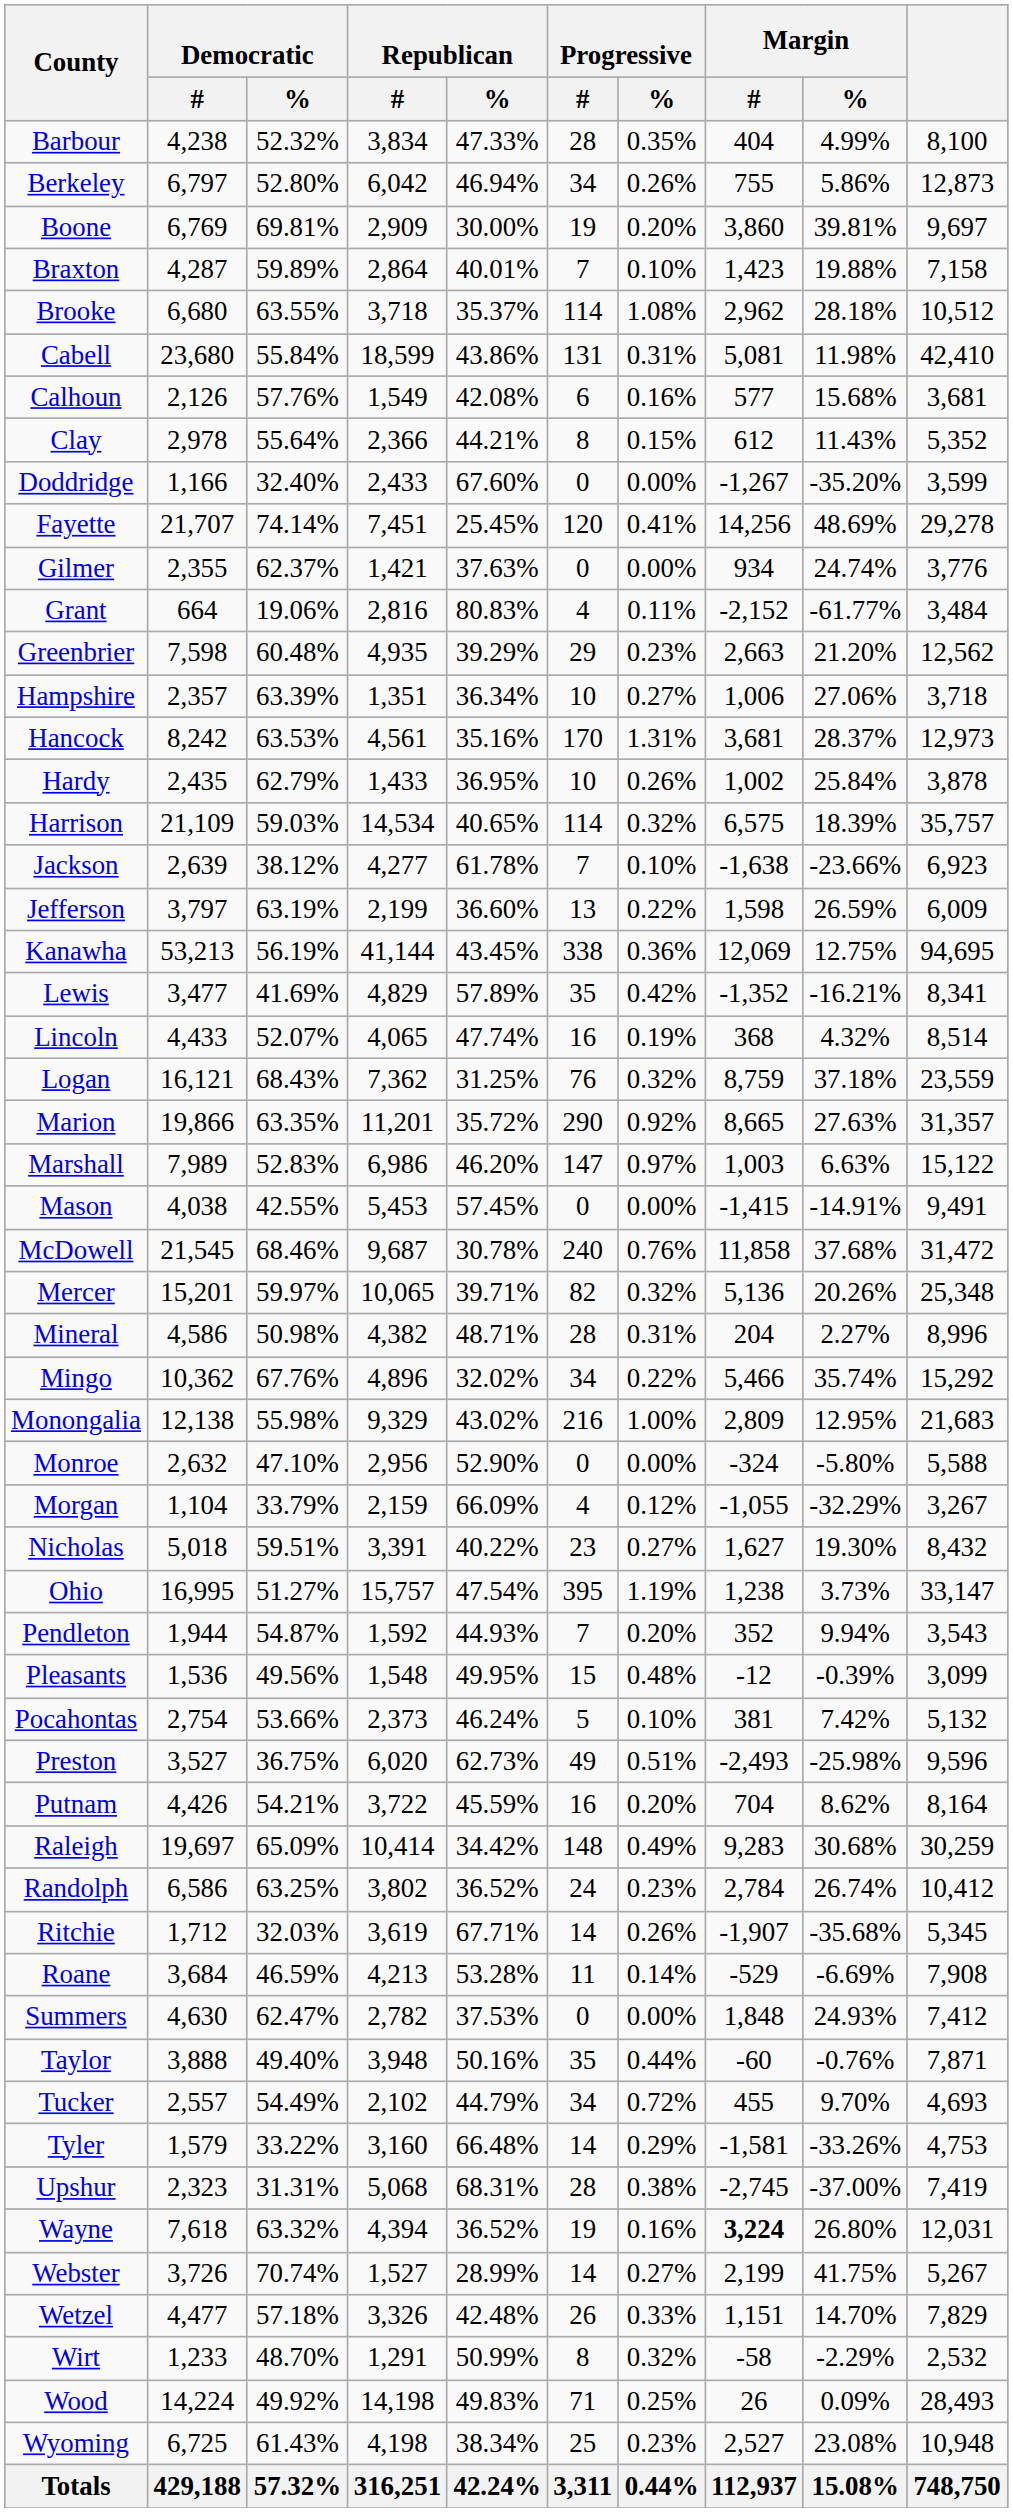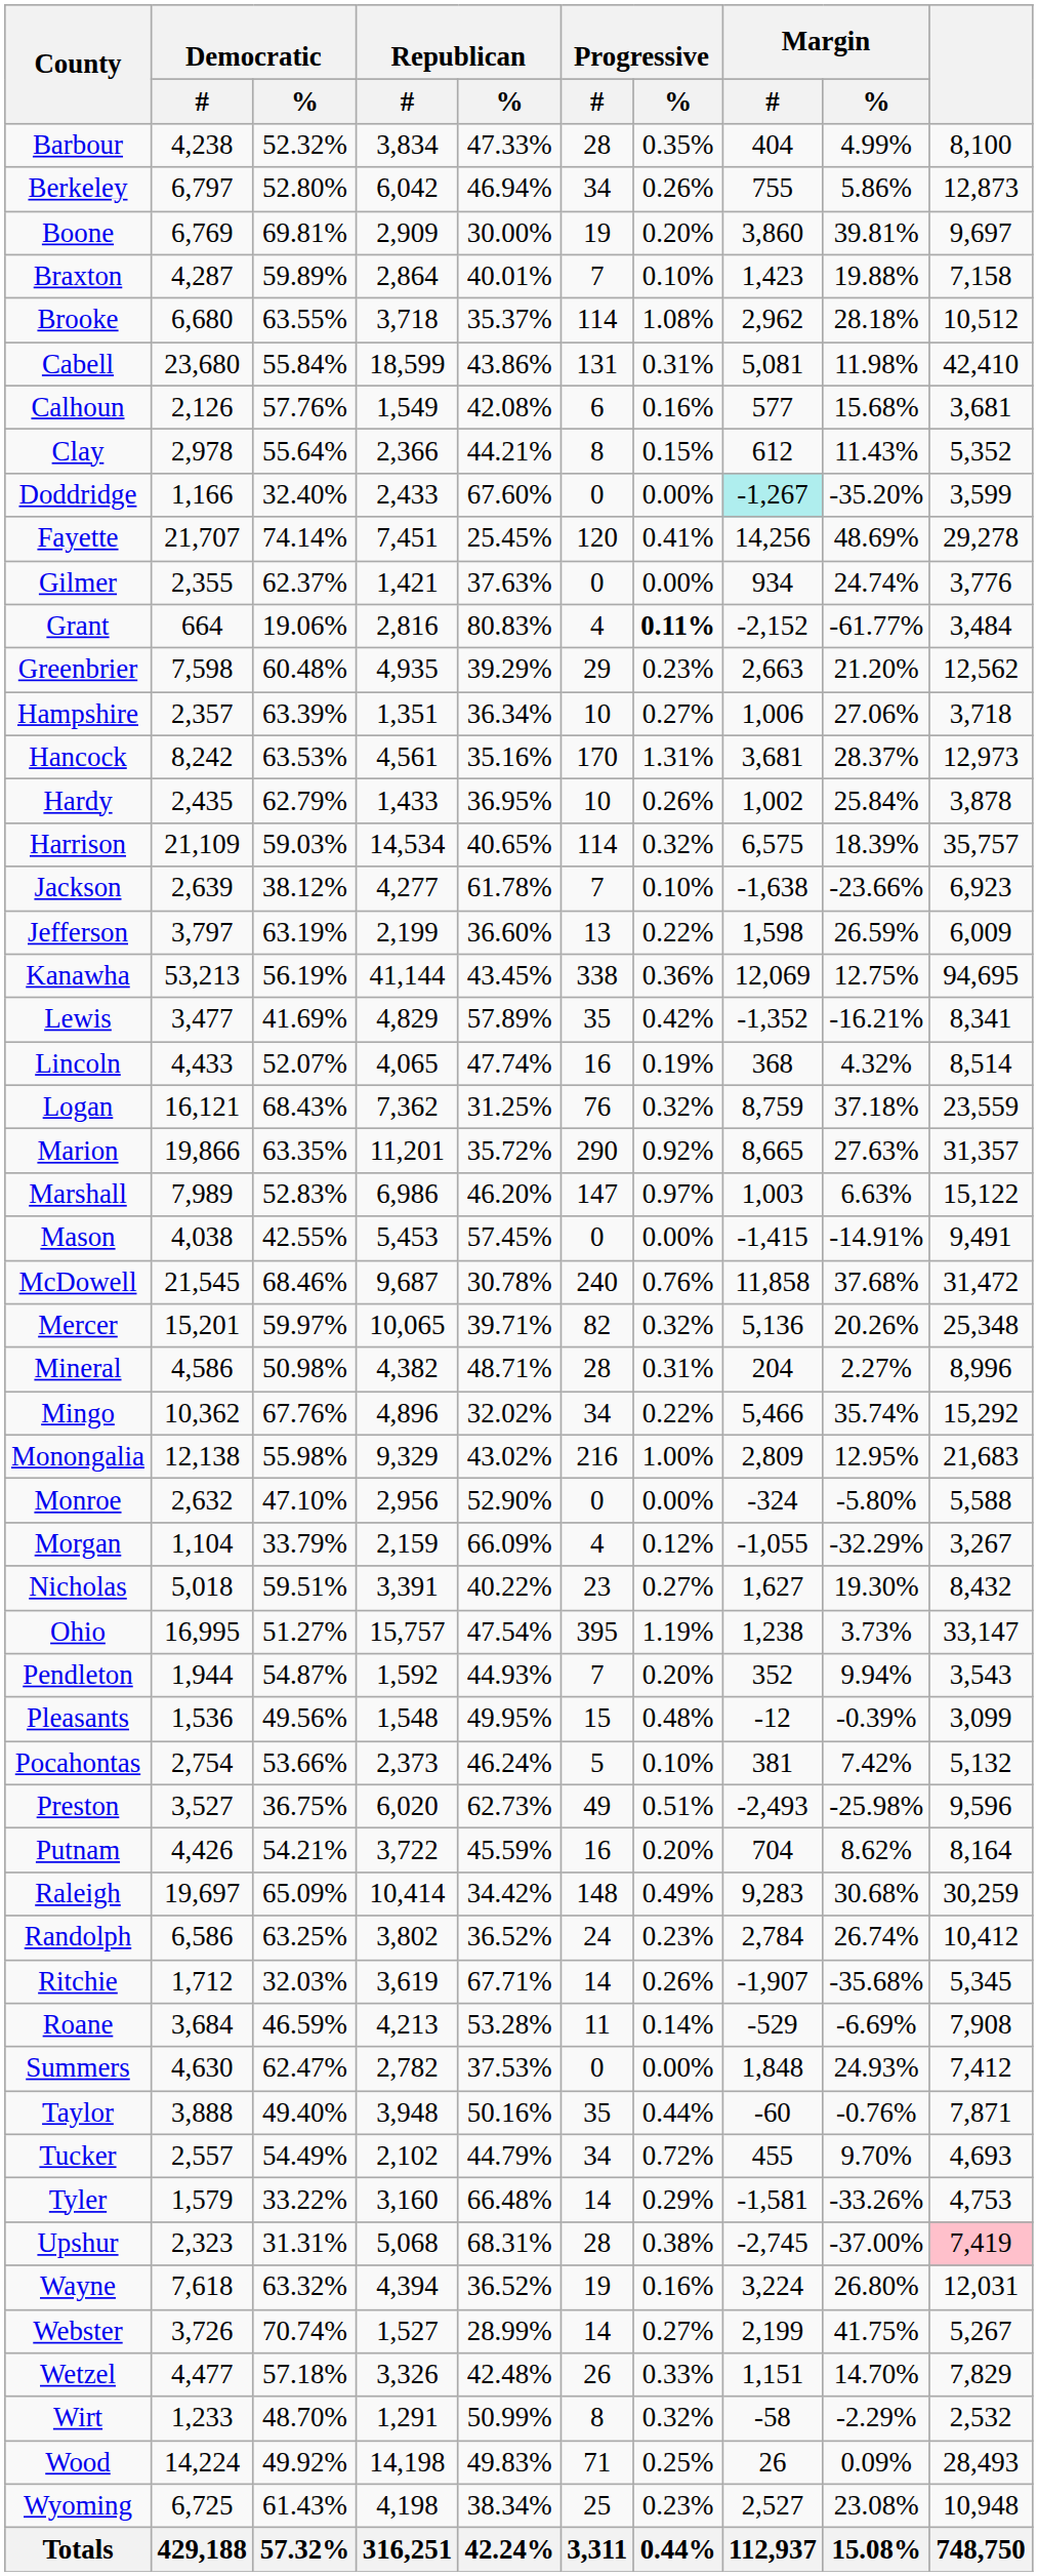 <table class="wikitable sortable mw-collapsible mw-collapsed">
 <tr>
 <th rowspan="2">County</th>
 <th colspan="2"><br>Democratic</th>
 <th colspan="2"><br>Republican</th>
 <th colspan="2"><br>Progressive</th>
 <th colspan="2">Margin</th>
 <th rowspan="2"></th>
 </tr>
 <tr>
 <th data-sort-type="number" width="10%">#</th>
 <th data-sort-type="number" width="10%">%</th>
 <th data-sort-type="number">#</th>
 <th data-sort-type="number">%</th>
 <th data-sort-type="number">#</th>
 <th data-sort-type="number">%</th>
 <th data-sort-type="number">#</th>
 <th data-sort-type="number">%</th>
 </tr>
 <tr style="text-align:center;">
 <td><a href='#'>Barbour</a></td>
 <td>4,238</td>
 <td>52.32%</td>
 <td>3,834</td>
 <td>47.33%</td>
 <td>28</td>
 <td>0.35%</td>
 <td>404</td>
 <td>4.99%</td>
 <td>8,100</td>
 </tr>
 <tr style="text-align:center;">
 <td><a href='#'>Berkeley</a></td>
 <td>6,797</td>
 <td>52.80%</td>
 <td>6,042</td>
 <td>46.94%</td>
 <td>34</td>
 <td>0.26%</td>
 <td>755</td>
 <td>5.86%</td>
 <td>12,873</td>
 </tr>
 <tr style="text-align:center;">
 <td><a href='#'>Boone</a></td>
 <td>6,769</td>
 <td>69.81%</td>
 <td>2,909</td>
 <td>30.00%</td>
 <td>19</td>
 <td>0.20%</td>
 <td>3,860</td>
 <td>39.81%</td>
 <td>9,697</td>
 </tr>
 <tr style="text-align:center;">
 <td><a href='#'>Braxton</a></td>
 <td>4,287</td>
 <td>59.89%</td>
 <td>2,864</td>
 <td>40.01%</td>
 <td>7</td>
 <td>0.10%</td>
 <td>1,423</td>
 <td>19.88%</td>
 <td>7,158</td>
 </tr>
 <tr style="text-align:center;">
 <td><a href='#'>Brooke</a></td>
 <td>6,680</td>
 <td>63.55%</td>
 <td>3,718</td>
 <td>35.37%</td>
 <td>114</td>
 <td>1.08%</td>
 <td>2,962</td>
 <td>28.18%</td>
 <td>10,512</td>
 </tr>
 <tr style="text-align:center;">
 <td><a href='#'>Cabell</a></td>
 <td>23,680</td>
 <td>55.84%</td>
 <td>18,599</td>
 <td>43.86%</td>
 <td>131</td>
 <td>0.31%</td>
 <td>5,081</td>
 <td>11.98%</td>
 <td>42,410</td>
 </tr>
 <tr style="text-align:center;">
 <td><a href='#'>Calhoun</a></td>
 <td>2,126</td>
 <td>57.76%</td>
 <td>1,549</td>
 <td>42.08%</td>
 <td>6</td>
 <td>0.16%</td>
 <td>577</td>
 <td>15.68%</td>
 <td>3,681</td>
 </tr>
 <tr style="text-align:center;">
 <td><a href='#'>Clay</a></td>
 <td>2,978</td>
 <td>55.64%</td>
 <td>2,366</td>
 <td>44.21%</td>
 <td>8</td>
 <td>0.15%</td>
 <td>612</td>
 <td>11.43%</td>
 <td>5,352</td>
 </tr>
 <tr style="text-align:center;">
 <td><a href='#'>Doddridge</a></td>
 <td>1,166</td>
 <td>32.40%</td>
 <td>2,433</td>
 <td>67.60%</td>
 <td>0</td>
 <td>0.00%</td>
-<td>-1,267</td>
+<td style="background: paleturquoise;">-1,267</td>
 <td>-35.20%</td>
 <td>3,599</td>
 </tr>
 <tr style="text-align:center;">
 <td><a href='#'>Fayette</a></td>
 <td>21,707</td>
 <td>74.14%</td>
 <td>7,451</td>
 <td>25.45%</td>
 <td>120</td>
 <td>0.41%</td>
 <td>14,256</td>
 <td>48.69%</td>
 <td>29,278</td>
 </tr>
 <tr style="text-align:center;">
 <td><a href='#'>Gilmer</a></td>
 <td>2,355</td>
 <td>62.37%</td>
 <td>1,421</td>
 <td>37.63%</td>
 <td>0</td>
 <td>0.00%</td>
 <td>934</td>
 <td>24.74%</td>
 <td>3,776</td>
 </tr>
 <tr style="text-align:center;">
 <td><a href='#'>Grant</a></td>
 <td>664</td>
 <td>19.06%</td>
 <td>2,816</td>
 <td>80.83%</td>
 <td>4</td>
-<td>0.11%</td>
+<td><strong>0.11%</strong></td>
 <td>-2,152</td>
 <td>-61.77%</td>
 <td>3,484</td>
 </tr>
 <tr style="text-align:center;">
 <td><a href='#'>Greenbrier</a></td>
 <td>7,598</td>
 <td>60.48%</td>
 <td>4,935</td>
 <td>39.29%</td>
 <td>29</td>
 <td>0.23%</td>
 <td>2,663</td>
 <td>21.20%</td>
 <td>12,562</td>
 </tr>
 <tr style="text-align:center;">
 <td><a href='#'>Hampshire</a></td>
 <td>2,357</td>
 <td>63.39%</td>
 <td>1,351</td>
 <td>36.34%</td>
 <td>10</td>
 <td>0.27%</td>
 <td>1,006</td>
 <td>27.06%</td>
 <td>3,718</td>
 </tr>
 <tr style="text-align:center;">
 <td><a href='#'>Hancock</a></td>
 <td>8,242</td>
 <td>63.53%</td>
 <td>4,561</td>
 <td>35.16%</td>
 <td>170</td>
 <td>1.31%</td>
 <td>3,681</td>
 <td>28.37%</td>
 <td>12,973</td>
 </tr>
 <tr style="text-align:center;">
 <td><a href='#'>Hardy</a></td>
 <td>2,435</td>
 <td>62.79%</td>
 <td>1,433</td>
 <td>36.95%</td>
 <td>10</td>
 <td>0.26%</td>
 <td>1,002</td>
 <td>25.84%</td>
 <td>3,878</td>
 </tr>
 <tr style="text-align:center;">
 <td><a href='#'>Harrison</a></td>
 <td>21,109</td>
 <td>59.03%</td>
 <td>14,534</td>
 <td>40.65%</td>
 <td>114</td>
 <td>0.32%</td>
 <td>6,575</td>
 <td>18.39%</td>
 <td>35,757</td>
 </tr>
 <tr style="text-align:center;">
 <td><a href='#'>Jackson</a></td>
 <td>2,639</td>
 <td>38.12%</td>
 <td>4,277</td>
 <td>61.78%</td>
 <td>7</td>
 <td>0.10%</td>
 <td>-1,638</td>
 <td>-23.66%</td>
 <td>6,923</td>
 </tr>
 <tr style="text-align:center;">
 <td><a href='#'>Jefferson</a></td>
 <td>3,797</td>
 <td>63.19%</td>
 <td>2,199</td>
 <td>36.60%</td>
 <td>13</td>
 <td>0.22%</td>
 <td>1,598</td>
 <td>26.59%</td>
 <td>6,009</td>
 </tr>
 <tr style="text-align:center;">
 <td><a href='#'>Kanawha</a></td>
 <td>53,213</td>
 <td>56.19%</td>
 <td>41,144</td>
 <td>43.45%</td>
 <td>338</td>
 <td>0.36%</td>
 <td>12,069</td>
 <td>12.75%</td>
 <td>94,695</td>
 </tr>
 <tr style="text-align:center;">
 <td><a href='#'>Lewis</a></td>
 <td>3,477</td>
 <td>41.69%</td>
 <td>4,829</td>
 <td>57.89%</td>
 <td>35</td>
 <td>0.42%</td>
 <td>-1,352</td>
 <td>-16.21%</td>
 <td>8,341</td>
 </tr>
 <tr style="text-align:center;">
 <td><a href='#'>Lincoln</a></td>
 <td>4,433</td>
 <td>52.07%</td>
 <td>4,065</td>
 <td>47.74%</td>
 <td>16</td>
 <td>0.19%</td>
 <td>368</td>
 <td>4.32%</td>
 <td>8,514</td>
 </tr>
 <tr style="text-align:center;">
 <td><a href='#'>Logan</a></td>
 <td>16,121</td>
 <td>68.43%</td>
 <td>7,362</td>
 <td>31.25%</td>
 <td>76</td>
 <td>0.32%</td>
 <td>8,759</td>
 <td>37.18%</td>
 <td>23,559</td>
 </tr>
 <tr style="text-align:center;">
 <td><a href='#'>Marion</a></td>
 <td>19,866</td>
 <td>63.35%</td>
 <td>11,201</td>
 <td>35.72%</td>
 <td>290</td>
 <td>0.92%</td>
 <td>8,665</td>
 <td>27.63%</td>
 <td>31,357</td>
 </tr>
 <tr style="text-align:center;">
 <td><a href='#'>Marshall</a></td>
 <td>7,989</td>
 <td>52.83%</td>
 <td>6,986</td>
 <td>46.20%</td>
 <td>147</td>
 <td>0.97%</td>
 <td>1,003</td>
 <td>6.63%</td>
 <td>15,122</td>
 </tr>
 <tr style="text-align:center;">
 <td><a href='#'>Mason</a></td>
 <td>4,038</td>
 <td>42.55%</td>
 <td>5,453</td>
 <td>57.45%</td>
 <td>0</td>
 <td>0.00%</td>
 <td>-1,415</td>
 <td>-14.91%</td>
 <td>9,491</td>
 </tr>
 <tr style="text-align:center;">
 <td><a href='#'>McDowell</a></td>
 <td>21,545</td>
 <td>68.46%</td>
 <td>9,687</td>
 <td>30.78%</td>
 <td>240</td>
 <td>0.76%</td>
 <td>11,858</td>
 <td>37.68%</td>
 <td>31,472</td>
 </tr>
 <tr style="text-align:center;">
 <td><a href='#'>Mercer</a></td>
 <td>15,201</td>
 <td>59.97%</td>
 <td>10,065</td>
 <td>39.71%</td>
 <td>82</td>
 <td>0.32%</td>
 <td>5,136</td>
 <td>20.26%</td>
 <td>25,348</td>
 </tr>
 <tr style="text-align:center;">
 <td><a href='#'>Mineral</a></td>
 <td>4,586</td>
 <td>50.98%</td>
 <td>4,382</td>
 <td>48.71%</td>
 <td>28</td>
 <td>0.31%</td>
 <td>204</td>
 <td>2.27%</td>
 <td>8,996</td>
 </tr>
 <tr style="text-align:center;">
 <td><a href='#'>Mingo</a></td>
 <td>10,362</td>
 <td>67.76%</td>
 <td>4,896</td>
 <td>32.02%</td>
 <td>34</td>
 <td>0.22%</td>
 <td>5,466</td>
 <td>35.74%</td>
 <td>15,292</td>
 </tr>
 <tr style="text-align:center;">
 <td><a href='#'>Monongalia</a></td>
 <td>12,138</td>
 <td>55.98%</td>
 <td>9,329</td>
 <td>43.02%</td>
 <td>216</td>
 <td>1.00%</td>
 <td>2,809</td>
 <td>12.95%</td>
 <td>21,683</td>
 </tr>
 <tr style="text-align:center;">
 <td><a href='#'>Monroe</a></td>
 <td>2,632</td>
 <td>47.10%</td>
 <td>2,956</td>
 <td>52.90%</td>
 <td>0</td>
 <td>0.00%</td>
 <td>-324</td>
 <td>-5.80%</td>
 <td>5,588</td>
 </tr>
 <tr style="text-align:center;">
 <td><a href='#'>Morgan</a></td>
 <td>1,104</td>
 <td>33.79%</td>
 <td>2,159</td>
 <td>66.09%</td>
 <td>4</td>
 <td>0.12%</td>
 <td>-1,055</td>
 <td>-32.29%</td>
 <td>3,267</td>
 </tr>
 <tr style="text-align:center;">
 <td><a href='#'>Nicholas</a></td>
 <td>5,018</td>
 <td>59.51%</td>
 <td>3,391</td>
 <td>40.22%</td>
 <td>23</td>
 <td>0.27%</td>
 <td>1,627</td>
 <td>19.30%</td>
 <td>8,432</td>
 </tr>
 <tr style="text-align:center;">
 <td><a href='#'>Ohio</a></td>
 <td>16,995</td>
 <td>51.27%</td>
 <td>15,757</td>
 <td>47.54%</td>
 <td>395</td>
 <td>1.19%</td>
 <td>1,238</td>
 <td>3.73%</td>
 <td>33,147</td>
 </tr>
 <tr style="text-align:center;">
 <td><a href='#'>Pendleton</a></td>
 <td>1,944</td>
 <td>54.87%</td>
 <td>1,592</td>
 <td>44.93%</td>
 <td>7</td>
 <td>0.20%</td>
 <td>352</td>
 <td>9.94%</td>
 <td>3,543</td>
 </tr>
 <tr style="text-align:center;">
 <td><a href='#'>Pleasants</a></td>
 <td>1,536</td>
 <td>49.56%</td>
 <td>1,548</td>
 <td>49.95%</td>
 <td>15</td>
 <td>0.48%</td>
 <td>-12</td>
 <td>-0.39%</td>
 <td>3,099</td>
 </tr>
 <tr style="text-align:center;">
 <td><a href='#'>Pocahontas</a></td>
 <td>2,754</td>
 <td>53.66%</td>
 <td>2,373</td>
 <td>46.24%</td>
 <td>5</td>
 <td>0.10%</td>
 <td>381</td>
 <td>7.42%</td>
 <td>5,132</td>
 </tr>
 <tr style="text-align:center;">
 <td><a href='#'>Preston</a></td>
 <td>3,527</td>
 <td>36.75%</td>
 <td>6,020</td>
 <td>62.73%</td>
 <td>49</td>
 <td>0.51%</td>
 <td>-2,493</td>
 <td>-25.98%</td>
 <td>9,596</td>
 </tr>
 <tr style="text-align:center;">
 <td><a href='#'>Putnam</a></td>
 <td>4,426</td>
 <td>54.21%</td>
 <td>3,722</td>
 <td>45.59%</td>
 <td>16</td>
 <td>0.20%</td>
 <td>704</td>
 <td>8.62%</td>
 <td>8,164</td>
 </tr>
 <tr style="text-align:center;">
 <td><a href='#'>Raleigh</a></td>
 <td>19,697</td>
 <td>65.09%</td>
 <td>10,414</td>
 <td>34.42%</td>
 <td>148</td>
 <td>0.49%</td>
 <td>9,283</td>
 <td>30.68%</td>
 <td>30,259</td>
 </tr>
 <tr style="text-align:center;">
 <td><a href='#'>Randolph</a></td>
 <td>6,586</td>
 <td>63.25%</td>
 <td>3,802</td>
 <td>36.52%</td>
 <td>24</td>
 <td>0.23%</td>
 <td>2,784</td>
 <td>26.74%</td>
 <td>10,412</td>
 </tr>
 <tr style="text-align:center;">
 <td><a href='#'>Ritchie</a></td>
 <td>1,712</td>
 <td>32.03%</td>
 <td>3,619</td>
 <td>67.71%</td>
 <td>14</td>
 <td>0.26%</td>
 <td>-1,907</td>
 <td>-35.68%</td>
 <td>5,345</td>
 </tr>
 <tr style="text-align:center;">
 <td><a href='#'>Roane</a></td>
 <td>3,684</td>
 <td>46.59%</td>
 <td>4,213</td>
 <td>53.28%</td>
 <td>11</td>
 <td>0.14%</td>
 <td>-529</td>
 <td>-6.69%</td>
 <td>7,908</td>
 </tr>
 <tr style="text-align:center;">
 <td><a href='#'>Summers</a></td>
 <td>4,630</td>
 <td>62.47%</td>
 <td>2,782</td>
 <td>37.53%</td>
 <td>0</td>
 <td>0.00%</td>
 <td>1,848</td>
 <td>24.93%</td>
 <td>7,412</td>
 </tr>
 <tr style="text-align:center;">
 <td><a href='#'>Taylor</a></td>
 <td>3,888</td>
 <td>49.40%</td>
 <td>3,948</td>
 <td>50.16%</td>
 <td>35</td>
 <td>0.44%</td>
 <td>-60</td>
 <td>-0.76%</td>
 <td>7,871</td>
 </tr>
 <tr style="text-align:center;">
 <td><a href='#'>Tucker</a></td>
 <td>2,557</td>
 <td>54.49%</td>
 <td>2,102</td>
 <td>44.79%</td>
 <td>34</td>
 <td>0.72%</td>
 <td>455</td>
 <td>9.70%</td>
 <td>4,693</td>
 </tr>
 <tr style="text-align:center;">
 <td><a href='#'>Tyler</a></td>
 <td>1,579</td>
 <td>33.22%</td>
 <td>3,160</td>
 <td>66.48%</td>
 <td>14</td>
 <td>0.29%</td>
 <td>-1,581</td>
 <td>-33.26%</td>
 <td>4,753</td>
 </tr>
 <tr style="text-align:center;">
 <td><a href='#'>Upshur</a></td>
 <td>2,323</td>
 <td>31.31%</td>
 <td>5,068</td>
 <td>68.31%</td>
 <td>28</td>
 <td>0.38%</td>
 <td>-2,745</td>
 <td>-37.00%</td>
-<td>7,419</td>
+<td style="background: pink;">7,419</td>
 </tr>
 <tr style="text-align:center;">
 <td><a href='#'>Wayne</a></td>
 <td>7,618</td>
 <td>63.32%</td>
 <td>4,394</td>
 <td>36.52%</td>
 <td>19</td>
 <td>0.16%</td>
-<td><strong>3,224</strong></td>
+<td>3,224</td>
 <td>26.80%</td>
 <td>12,031</td>
 </tr>
 <tr style="text-align:center;">
 <td><a href='#'>Webster</a></td>
 <td>3,726</td>
 <td>70.74%</td>
 <td>1,527</td>
 <td>28.99%</td>
 <td>14</td>
 <td>0.27%</td>
 <td>2,199</td>
 <td>41.75%</td>
 <td>5,267</td>
 </tr>
 <tr style="text-align:center;">
 <td><a href='#'>Wetzel</a></td>
 <td>4,477</td>
 <td>57.18%</td>
 <td>3,326</td>
 <td>42.48%</td>
 <td>26</td>
 <td>0.33%</td>
 <td>1,151</td>
 <td>14.70%</td>
 <td>7,829</td>
 </tr>
 <tr style="text-align:center;">
 <td><a href='#'>Wirt</a></td>
 <td>1,233</td>
 <td>48.70%</td>
 <td>1,291</td>
 <td>50.99%</td>
 <td>8</td>
 <td>0.32%</td>
 <td>-58</td>
 <td>-2.29%</td>
 <td>2,532</td>
 </tr>
 <tr style="text-align:center;">
 <td><a href='#'>Wood</a></td>
 <td>14,224</td>
 <td>49.92%</td>
 <td>14,198</td>
 <td>49.83%</td>
 <td>71</td>
 <td>0.25%</td>
 <td>26</td>
 <td>0.09%</td>
 <td>28,493</td>
 </tr>
 <tr style="text-align:center;">
 <td><a href='#'>Wyoming</a></td>
 <td>6,725</td>
 <td>61.43%</td>
 <td>4,198</td>
 <td>38.34%</td>
 <td>25</td>
 <td>0.23%</td>
 <td>2,527</td>
 <td>23.08%</td>
 <td>10,948</td>
 </tr>
 <tr>
 <th>Totals</th>
 <th>429,188</th>
 <th>57.32%</th>
 <th>316,251</th>
 <th>42.24%</th>
 <th>3,311</th>
 <th>0.44%</th>
 <th>112,937</th>
 <th>15.08%</th>
 <th>748,750</th>
 </tr>
 </table>
